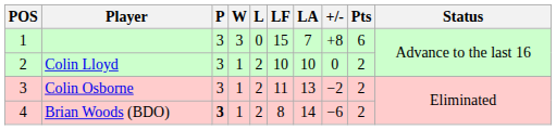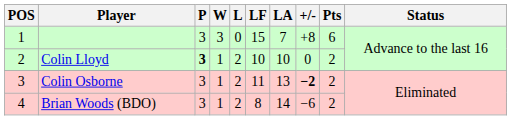 <table class="wikitable" style="text-align:center; margin: 1em auto 1em auto, align:left">
 <tr>
 <th width=20>POS</th>
 <th width=173>Player</th>
 <th width=3>P</th>
 <th width=3>W</th>
 <th width=3>L</th>
 <th width=20>LF</th>
 <th width=20>LA</th>
 <th width=20>+/-</th>
 <th width=20>Pts</th>
 <th width=179>Status</th>
 </tr>
 <tr style="background:#CCFFCC;">
 <td>1</td>
 <td style="text-align:left;"></td>
 <td>3</td>
 <td>3</td>
 <td>0</td>
 <td>15</td>
 <td>7</td>
 <td>+8</td>
 <td>6</td>
 <td rowspan=2>Advance to the last 16</td>
 </tr>
 <tr style="background:#CCFFCC;">
 <td>2</td>
 <td style="text-align:left;"> <a href='#'>Colin Lloyd</a></td>
-<td>3</td>
+<td><strong>3</strong></td>
 <td>1</td>
 <td>2</td>
 <td>10</td>
 <td>10</td>
 <td>0</td>
 <td>2</td>
 </tr>
 <tr style="background:#FFCCCC;">
 <td>3</td>
 <td style="text-align:left;"> <a href='#'>Colin Osborne</a></td>
 <td>3</td>
 <td>1</td>
 <td>2</td>
 <td>11</td>
 <td>13</td>
-<td>−2</td>
+<td><strong>−2</strong></td>
 <td>2</td>
 <td rowspan=2>Eliminated</td>
 </tr>
 <tr style="background:#FFCCCC;">
 <td>4</td>
 <td style="text-align:left;"> <a href='#'>Brian Woods</a> (BDO)</td>
-<td><strong>3</strong></td>
+<td>3</td>
 <td>1</td>
 <td>2</td>
 <td>8</td>
 <td>14</td>
 <td>−6</td>
 <td>2</td>
 </tr>
 </table>
